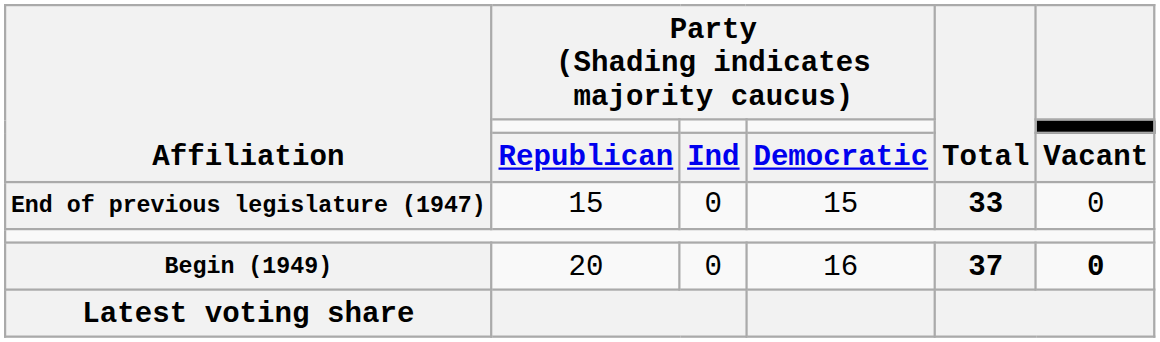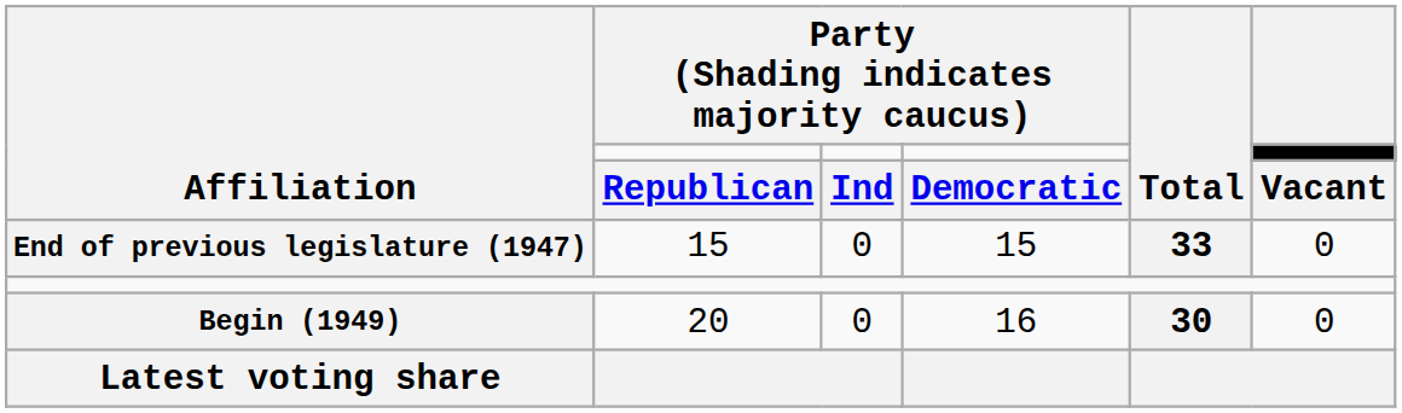 <table class=wikitable style="text-align:center; width:50%">
 <tr style="vertical-align:bottom;">
 <th rowspan=3>Affiliation</th>
 <th colspan=3>Party <div>(Shading indicates majority caucus)</div></th>
 <th rowspan=3>Total</th>
 <th></th>
 </tr>
 <tr style="height:5px">
 <td style="background-color:"></td>
 <td style="background-color:"></td>
 <td style="background-color:"></td>
 <td style="background-color:black"></td>
 </tr>
 <tr>
 <th><a href='#'>Republican</a></th>
 <th><a href='#'>Ind</a></th>
 <th><a href='#'>Democratic</a></th>
 <th>Vacant</th>
 </tr>
 <tr>
 <th nowrap style="font-size:80%">End of previous legislature (1947)</th>
 <td>15</td>
 <td>0</td>
 <td>15</td>
 <th>33</th>
 <td>0</td>
 </tr>
 <tr>
 <td colspan=6></td>
 </tr>
 <tr>
 <th nowrap style="font-size:80%">Begin (1949)</th>
 <td>20</td>
 <td>0</td>
 <td>16</td>
-<th>37</th>
-<td><strong>0</strong></td>
+<th>30</th>
+<td>0</td>
 </tr>
 <tr>
 <th>Latest voting share</th>
 <th colspan=2 ></th>
 <th></th>
 <th colspan=2></th>
 </tr>
 </table>
